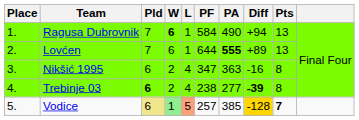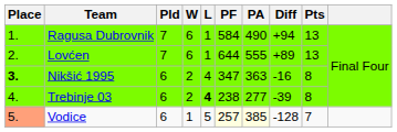 <table class="wikitable">
 <tr>
 <th>Place</th>
 <th>Team</th>
 <th>Pld</th>
 <th>W</th>
 <th>L</th>
 <th>PF</th>
 <th>PA</th>
 <th>Diff</th>
 <th>Pts</th>
 <th></th>
 </tr>
 <tr bgcolor="lawngreen">
 <td>1.</td>
 <td> <a href='#'>Ragusa Dubrovnik</a></td>
 <td>7</td>
-<td><strong>6</strong></td>
+<td>6</td>
 <td>1</td>
 <td>584</td>
 <td>490</td>
 <td>+94</td>
 <td>13</td>
 <td rowspan="4">Final Four</td>
 </tr>
 <tr bgcolor="lawngreen">
 <td>2.</td>
 <td> <a href='#'>Lovćen</a></td>
 <td>7</td>
 <td>6</td>
 <td>1</td>
 <td>644</td>
-<td><strong>555</strong></td>
+<td>555</td>
 <td>+89</td>
 <td>13</td>
 </tr>
 <tr bgcolor="lawngreen">
-<td>3.</td>
+<td><strong>3.</strong></td>
 <td> <a href='#'>Nikšić 1995</a></td>
 <td>6</td>
 <td>2</td>
 <td>4</td>
 <td>347</td>
 <td>363</td>
 <td>-16</td>
 <td>8</td>
 </tr>
 <tr bgcolor="lawngreen">
 <td>4.</td>
 <td> <a href='#'>Trebinje 03</a></td>
-<td><strong>6</strong></td>
+<td>6</td>
 <td>2</td>
-<td>4</td>
+<td><strong>4</strong></td>
 <td>238</td>
 <td>277</td>
-<td><strong>-39</strong></td>
+<td>-39</td>
 <td>8</td>
 </tr>
 <tr>
-<td>5.</td>
+<td style="background: lightsalmon;">5.</td>
 <td> <a href='#'>Vodice</a></td>
-<td style="background: khaki;">6</td>
-<td style="background: lightgreen;">1</td>
-<td style="background: lightsalmon;">5</td>
-<td>257</td>
-<td>385</td>
-<td style="background: gold;">-128</td>
-<td><strong>7</strong></td>
+<td>6</td>
+<td>1</td>
+<td>5</td>
+<td style="background: lightyellow;">257</td>
+<td style="background: lightyellow;">385</td>
+<td>-128</td>
+<td>7</td>
 <td rowspan="1"></td>
 </tr>
 </table>
